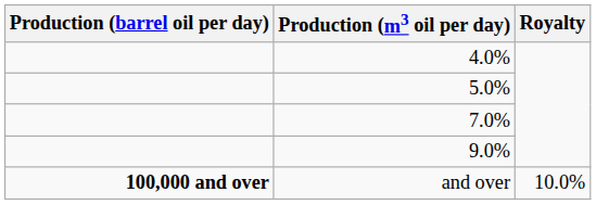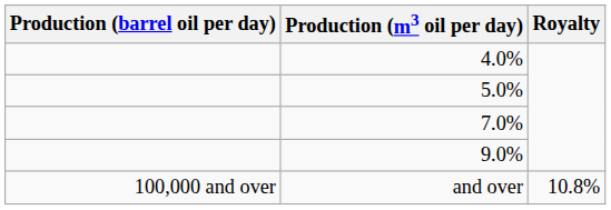 <table class="wikitable mw-collapsible" style="text-align:right;">
 <tr>
 <th>Production (<a href='#'>barrel</a> oil per day)</th>
 <th>Production (<a href='#'>m<sup>3</sup></a> oil per day)</th>
 <th>Royalty</th>
 </tr>
 <tr>
 <td></td>
 <td>4.0%</td>
 </tr>
 <tr>
 <td></td>
 <td>5.0%</td>
 </tr>
 <tr>
 <td></td>
 <td>7.0%</td>
 </tr>
 <tr>
 <td></td>
 <td>9.0%</td>
 </tr>
 <tr>
-<td><strong>100,000 and over</strong></td>
+<td>100,000 and over</td>
 <td> and over</td>
-<td>10.0%</td>
+<td>10.8%</td>
 </tr>
 </table>
